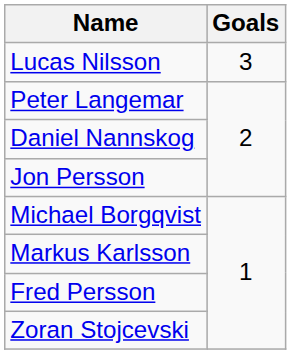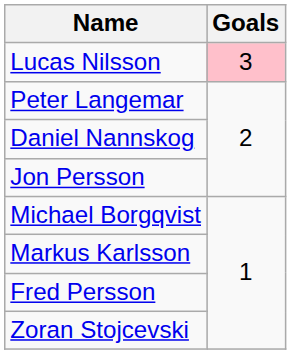 <table class="wikitable">
 <tr>
 <th>Name</th>
 <th>Goals</th>
 </tr>
 <tr>
 <td> <a href='#'>Lucas Nilsson</a></td>
-<td align=center>3</td>
+<td align=center style="background: pink;">3</td>
 </tr>
 <tr>
 <td> <a href='#'>Peter Langemar</a></td>
 <td rowspan="3" style="text-align:center;">2</td>
 </tr>
 <tr>
 <td> <a href='#'>Daniel Nannskog</a></td>
 </tr>
 <tr>
 <td> <a href='#'>Jon Persson</a></td>
 </tr>
 <tr>
 <td> <a href='#'>Michael Borgqvist</a></td>
 <td rowspan="4" style="text-align:center;">1</td>
 </tr>
 <tr>
 <td> <a href='#'>Markus Karlsson</a></td>
 </tr>
 <tr>
 <td> <a href='#'>Fred Persson</a></td>
 </tr>
 <tr>
 <td> <a href='#'>Zoran Stojcevski</a></td>
 </tr>
 </table>
